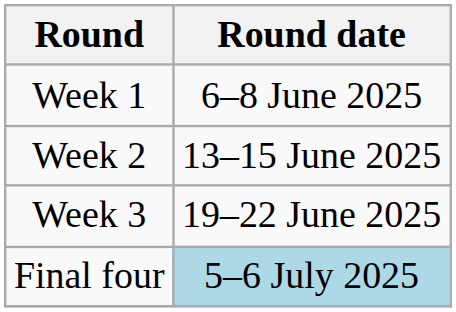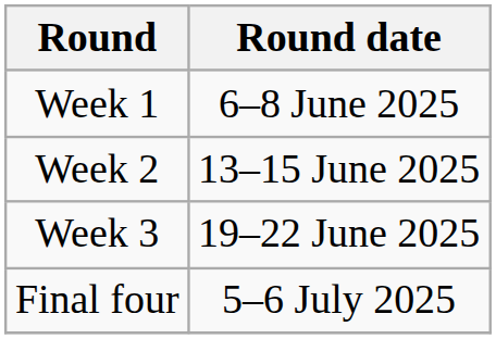 <table class="wikitable" style="text-align:center">
 <tr>
 <th>Round</th>
 <th>Round date</th>
 </tr>
 <tr>
 <td>Week 1</td>
 <td>6–8 June 2025</td>
 </tr>
 <tr>
 <td>Week 2</td>
 <td>13–15 June 2025</td>
 </tr>
 <tr>
 <td>Week 3</td>
 <td>19–22 June 2025</td>
 </tr>
 <tr>
 <td>Final four</td>
-<td style="background: lightblue;">5–6 July 2025</td>
+<td>5–6 July 2025</td>
 </tr>
 <tr>
 </tr>
 </table>
